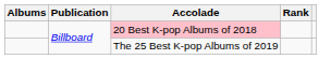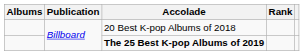 <table class="wikitable">
 <tr>
 <th>Albums</th>
 <th>Publication</th>
 <th>Accolade</th>
 <th>Rank</th>
 <th class="unsortable"></th>
 </tr>
 <tr>
 <td></td>
 <td rowspan="2"><em><a href='#'>Billboard</a></em></td>
-<td style="background: pink;">20 Best K-pop Albums of 2018</td>
+<td>20 Best K-pop Albums of 2018</td>
 <td></td>
 <td></td>
 </tr>
 <tr>
 <td></td>
-<td>The 25 Best K-pop Albums of 2019</td>
+<td><strong>The 25 Best K-pop Albums of 2019</strong></td>
 <td></td>
 <td></td>
 </tr>
 </table>
